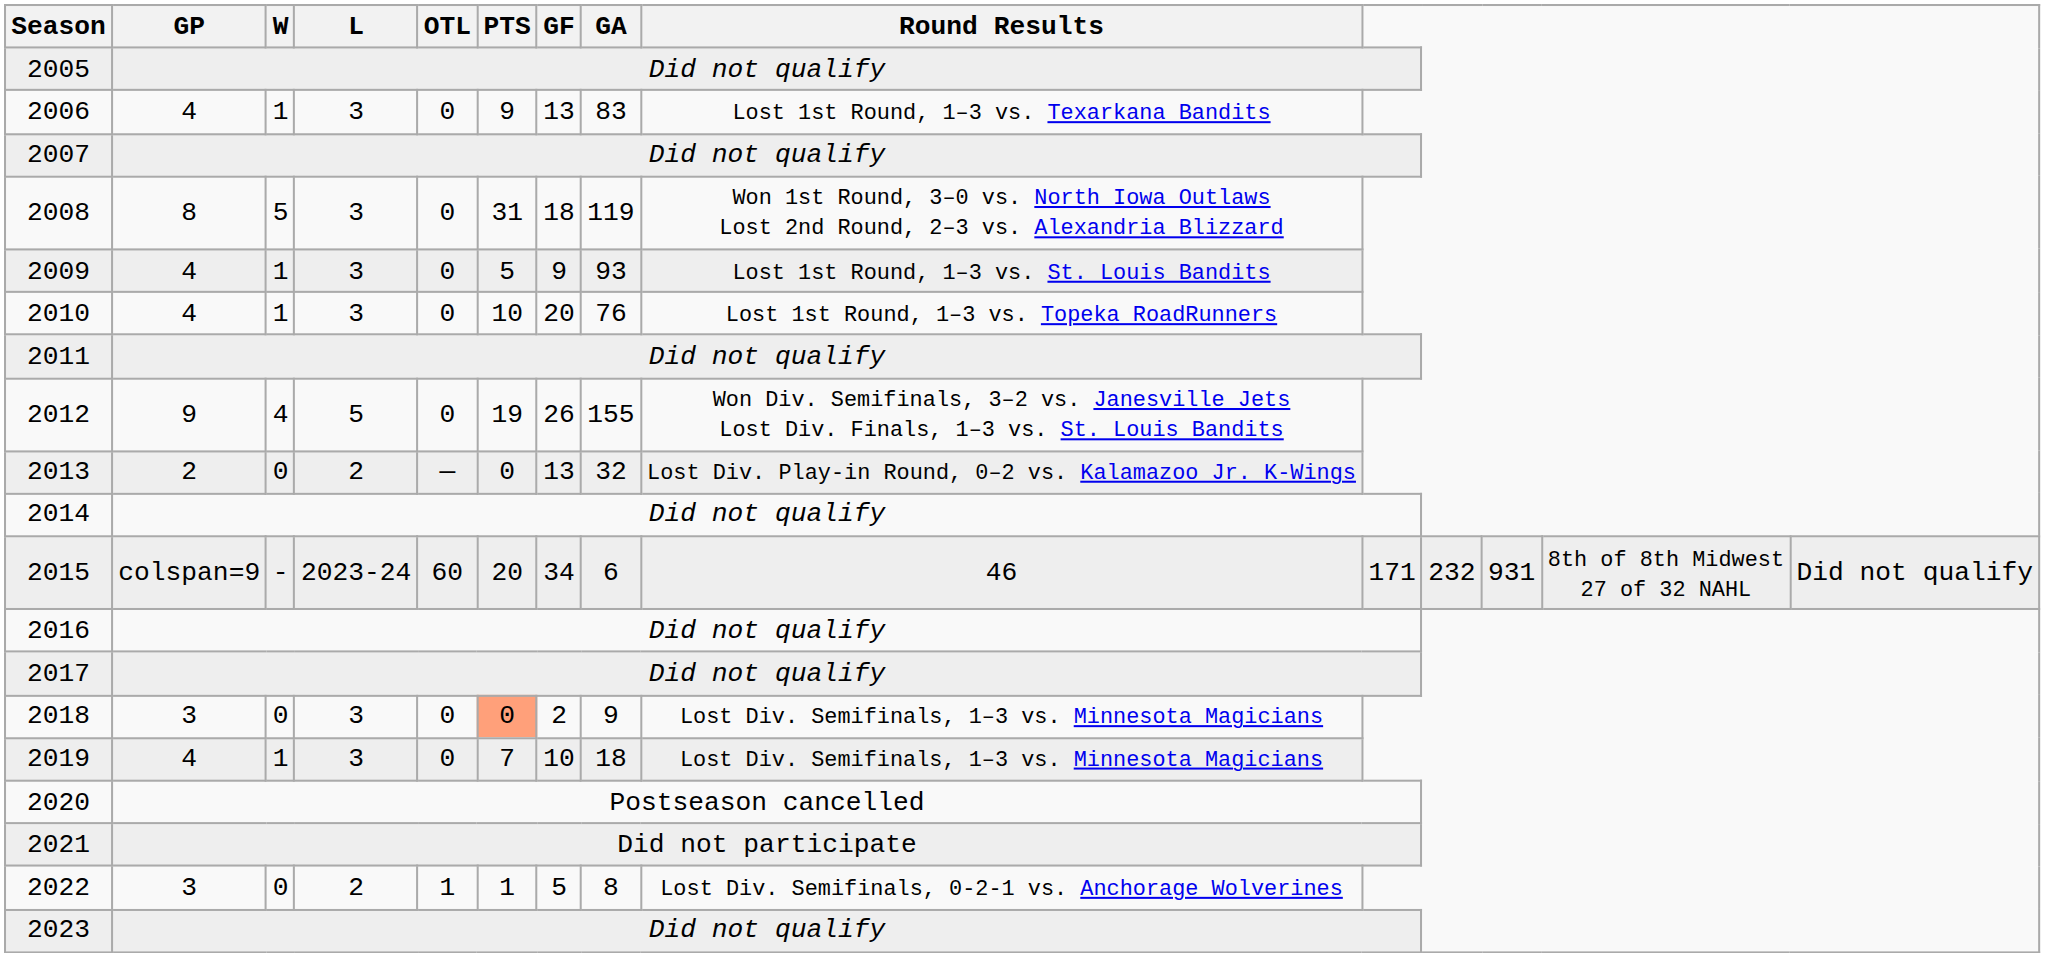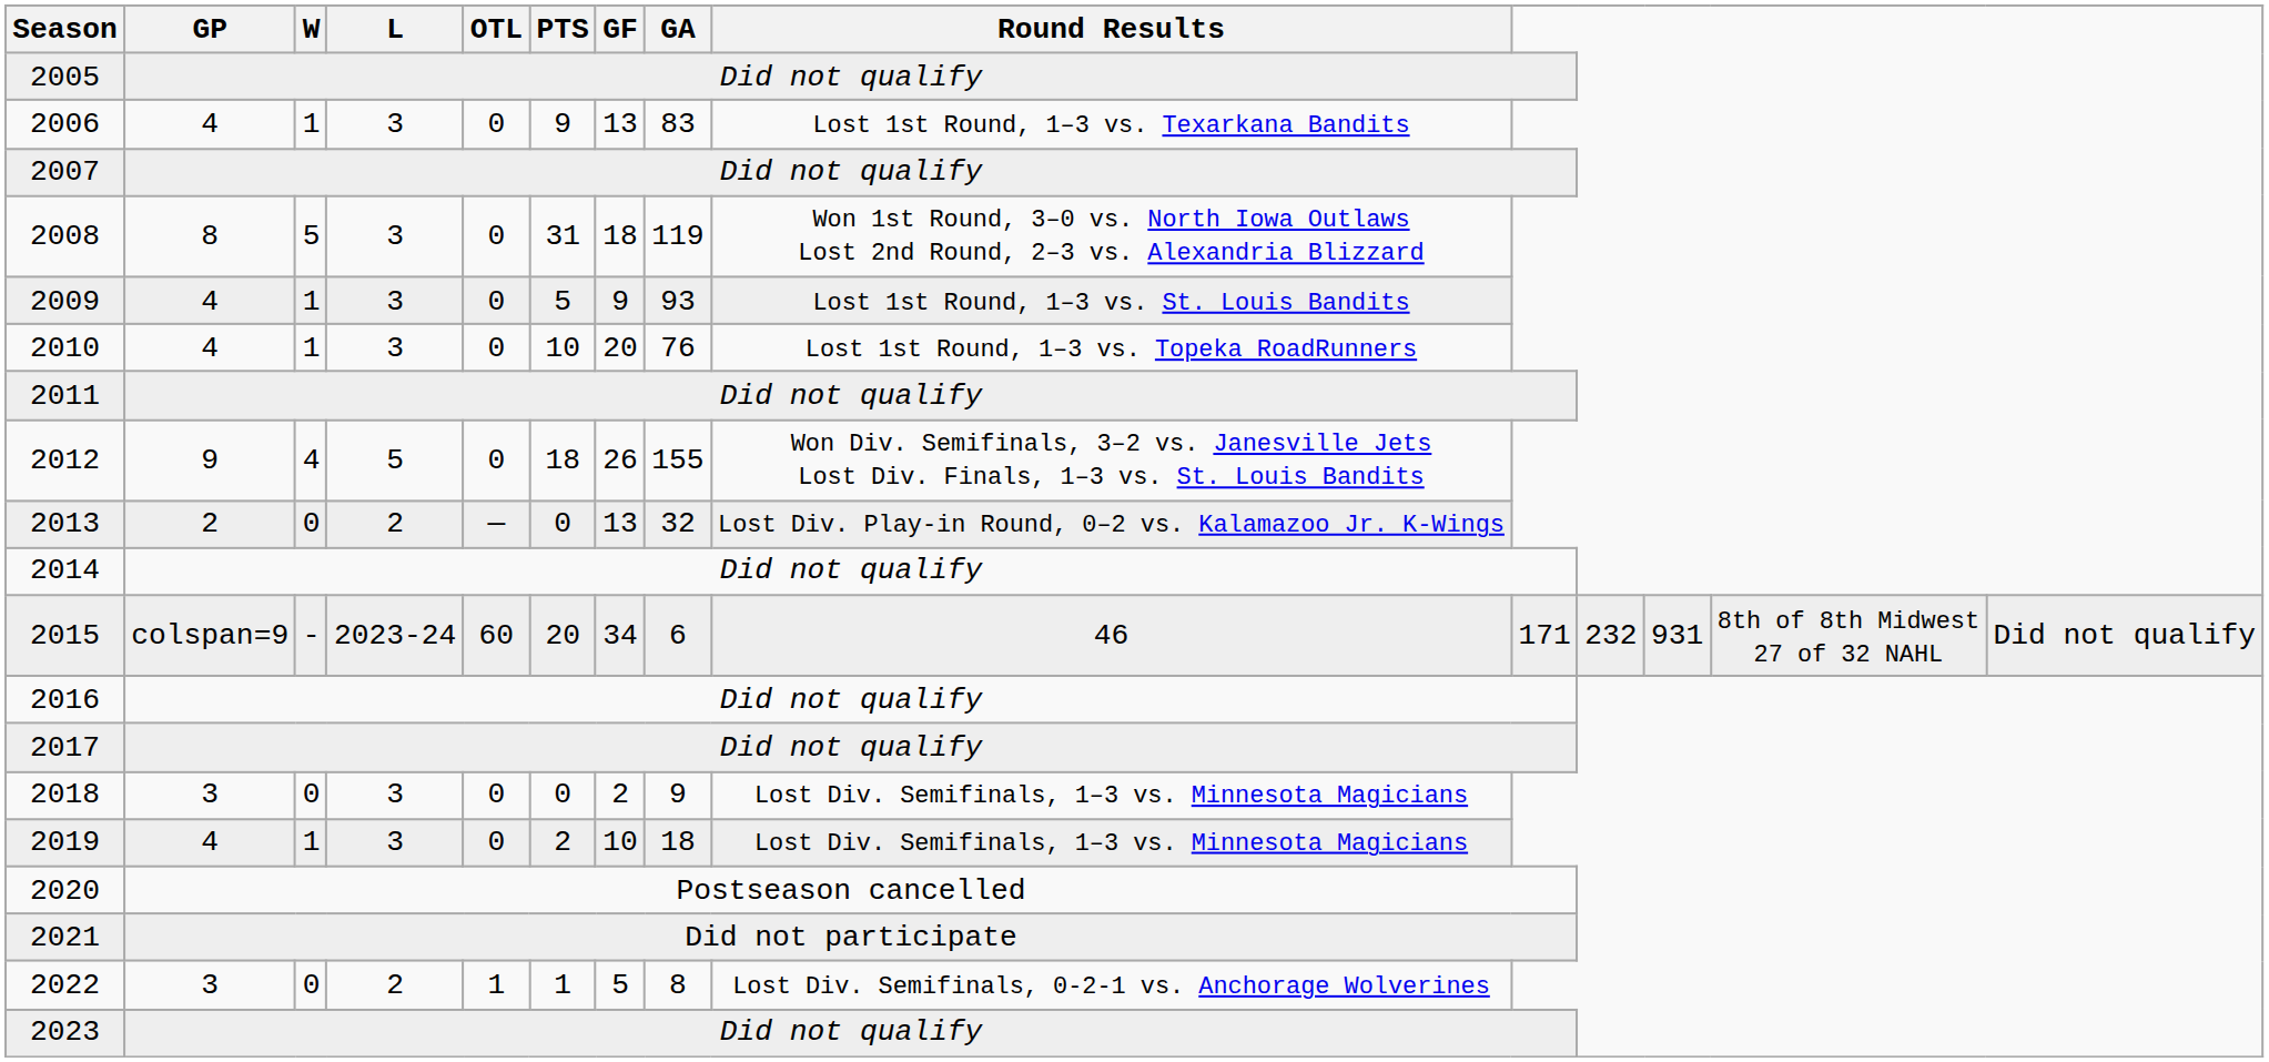 <table class="wikitable" style="text-align:center">
 <tr>
 <th>Season</th>
 <th>GP</th>
 <th>W</th>
 <th>L</th>
 <th>OTL</th>
 <th>PTS</th>
 <th>GF</th>
 <th>GA</th>
 <th>Round Results</th>
 </tr>
 <tr bgcolor="#eeeeee">
 <td>2005</td>
 <td colspan=9><em>Did not qualify</em></td>
 </tr>
 <tr>
 <td>2006</td>
 <td>4</td>
 <td>1</td>
 <td>3</td>
 <td>0</td>
 <td>9</td>
 <td>13</td>
 <td>83</td>
 <td><small>Lost 1st Round, 1–3 vs. <a href='#'>Texarkana Bandits</a></small></td>
 </tr>
 <tr bgcolor="#eeeeee">
 <td>2007</td>
 <td colspan=9><em>Did not qualify</em></td>
 </tr>
 <tr>
 <td>2008</td>
 <td>8</td>
 <td>5</td>
 <td>3</td>
 <td>0</td>
 <td>31</td>
 <td>18</td>
 <td>119</td>
 <td><small>Won 1st Round, 3–0 vs. <a href='#'>North Iowa Outlaws</a><br>Lost 2nd Round, 2–3 vs. <a href='#'>Alexandria Blizzard</a></small></td>
 </tr>
 <tr bgcolor="#eeeeee">
 <td>2009</td>
 <td>4</td>
 <td>1</td>
 <td>3</td>
 <td>0</td>
 <td>5</td>
 <td>9</td>
 <td>93</td>
 <td><small>Lost 1st Round, 1–3 vs. <a href='#'>St. Louis Bandits</a></small></td>
 </tr>
 <tr>
 <td>2010</td>
 <td>4</td>
 <td>1</td>
 <td>3</td>
 <td>0</td>
 <td>10</td>
 <td>20</td>
 <td>76</td>
 <td><small>Lost 1st Round, 1–3 vs. <a href='#'>Topeka RoadRunners</a></small></td>
 </tr>
 <tr bgcolor="#eeeeee">
 <td>2011</td>
 <td colspan=9><em>Did not qualify</em></td>
 </tr>
 <tr>
 <td>2012</td>
 <td>9</td>
 <td>4</td>
 <td>5</td>
 <td>0</td>
-<td>19</td>
+<td>18</td>
 <td>26</td>
 <td>155</td>
 <td><small>Won Div. Semifinals, 3–2 vs. <a href='#'>Janesville Jets</a><br>Lost Div. Finals, 1–3 vs. <a href='#'>St. Louis Bandits</a></small></td>
 </tr>
 <tr bgcolor="#eeeeee">
 <td>2013</td>
 <td>2</td>
 <td>0</td>
 <td>2</td>
 <td>—</td>
 <td>0</td>
 <td>13</td>
 <td>32</td>
 <td><small>Lost Div. Play-in Round, 0–2 vs. <a href='#'>Kalamazoo Jr. K-Wings</a></small></td>
 </tr>
 <tr>
 <td>2014</td>
 <td colspan=9><em>Did not qualify</em></td>
 </tr>
 <tr bgcolor="#eeeeee">
 <td>2015</td>
 <td>colspan=9</td>
 <td>-</td>
 <td>2023-24</td>
 <td>60</td>
 <td>20</td>
 <td>34</td>
 <td>6</td>
 <td>46</td>
 <td>171</td>
 <td>232</td>
 <td>931</td>
 <td><small>8th of 8th Midwest<br> 27 of 32 NAHL</small></td>
 <td>Did not qualify</td>
 </tr>
 <tr>
 <td>2016</td>
 <td colspan=9><em>Did not qualify</em></td>
 </tr>
 <tr bgcolor="#eeeeee">
 <td>2017</td>
 <td colspan=9><em>Did not qualify</em></td>
 </tr>
 <tr>
 <td>2018</td>
 <td>3</td>
 <td>0</td>
 <td>3</td>
 <td>0</td>
-<td style="background: lightsalmon;">0</td>
+<td>0</td>
 <td>2</td>
 <td>9</td>
 <td><small>Lost Div. Semifinals, 1–3 vs. <a href='#'>Minnesota Magicians</a></small></td>
 </tr>
 <tr bgcolor="#eeeeee">
 <td>2019</td>
 <td>4</td>
 <td>1</td>
 <td>3</td>
 <td>0</td>
-<td>7</td>
+<td>2</td>
 <td>10</td>
 <td>18</td>
 <td><small>Lost Div. Semifinals, 1–3 vs. <a href='#'>Minnesota Magicians</a></small></td>
 </tr>
 <tr>
 <td>2020</td>
 <td colspan=9>Postseason cancelled</td>
 </tr>
 <tr bgcolor="#eeeeee">
 <td>2021</td>
 <td colspan=9>Did not participate</td>
 </tr>
 <tr>
 <td>2022</td>
 <td>3</td>
 <td>0</td>
 <td>2</td>
 <td>1</td>
 <td>1</td>
 <td>5</td>
 <td>8</td>
 <td><small>Lost Div. Semifinals, 0-2-1 vs. <a href='#'>Anchorage Wolverines</a></small></td>
 </tr>
 <tr bgcolor="#eeeeee">
 <td>2023</td>
 <td colspan=9><em>Did not qualify</em></td>
 </tr>
 </table>
